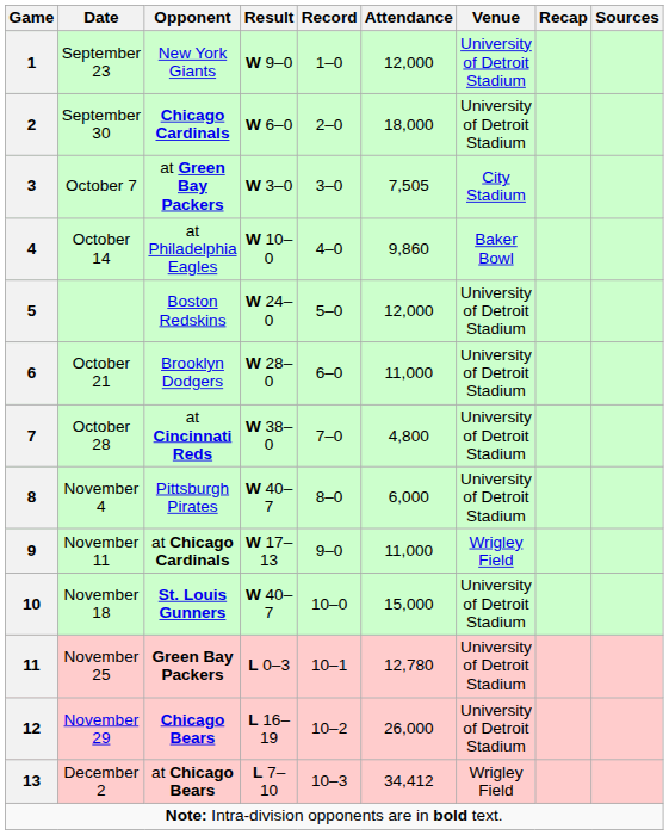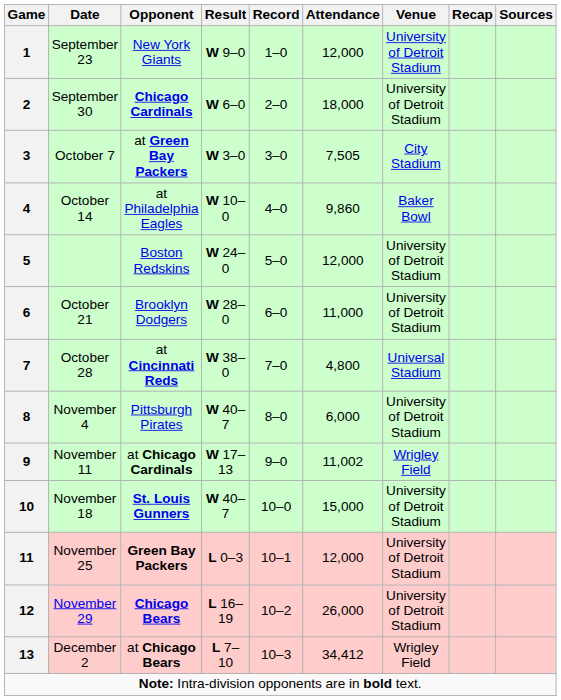 <table class="wikitable" style="text-align:center">
 <tr>
 <th>Game</th>
 <th>Date</th>
 <th>Opponent</th>
 <th>Result</th>
 <th>Record</th>
 <th>Attendance</th>
 <th>Venue</th>
 <th>Recap</th>
 <th>Sources</th>
 </tr>
 <tr style="background:#cfc">
 <th>1</th>
 <td>September 23</td>
 <td><a href='#'>New York Giants</a></td>
 <td><strong>W</strong> 9–0</td>
 <td>1–0</td>
 <td>12,000</td>
 <td><a href='#'>University of Detroit Stadium</a></td>
 <td></td>
 <td></td>
 </tr>
 <tr style="background:#cfc">
 <th>2</th>
 <td>September 30</td>
 <td><strong><a href='#'>Chicago Cardinals</a></strong></td>
 <td><strong>W</strong> 6–0</td>
 <td>2–0</td>
 <td>18,000</td>
 <td>University of Detroit Stadium</td>
 <td></td>
 <td></td>
 </tr>
 <tr style="background:#cfc">
 <th>3</th>
 <td>October 7</td>
 <td>at <strong><a href='#'>Green Bay Packers</a></strong></td>
 <td><strong>W</strong> 3–0</td>
 <td>3–0</td>
 <td>7,505</td>
 <td><a href='#'>City Stadium</a></td>
 <td></td>
 <td></td>
 </tr>
 <tr style="background:#cfc">
 <th>4</th>
 <td>October 14</td>
 <td>at <a href='#'>Philadelphia Eagles</a></td>
 <td><strong>W</strong> 10–0</td>
 <td>4–0</td>
 <td>9,860</td>
 <td><a href='#'>Baker Bowl</a></td>
 <td></td>
 <td></td>
 </tr>
 <tr style="background:#cfc">
 <th>5</th>
 <td></td>
 <td><a href='#'>Boston Redskins</a></td>
 <td><strong>W</strong> 24–0</td>
 <td>5–0</td>
 <td>12,000</td>
 <td>University of Detroit Stadium</td>
 <td></td>
 <td></td>
 </tr>
 <tr style="background:#cfc">
 <th>6</th>
 <td>October 21</td>
 <td><a href='#'>Brooklyn Dodgers</a></td>
 <td><strong>W</strong> 28–0</td>
 <td>6–0</td>
 <td>11,000</td>
 <td>University of Detroit Stadium</td>
 <td></td>
 <td></td>
 </tr>
 <tr style="background:#cfc">
 <th>7</th>
 <td>October 28</td>
 <td>at <strong><a href='#'>Cincinnati Reds</a></strong></td>
 <td><strong>W</strong> 38–0</td>
 <td>7–0</td>
 <td>4,800</td>
-<td>University of Detroit Stadium</td>
+<td><a href='#'>Universal Stadium</a></td>
 <td></td>
 <td></td>
 </tr>
 <tr style="background:#cfc">
 <th>8</th>
 <td>November 4</td>
 <td><a href='#'>Pittsburgh Pirates</a></td>
 <td><strong>W</strong> 40–7</td>
 <td>8–0</td>
 <td>6,000</td>
 <td>University of Detroit Stadium</td>
 <td></td>
 <td></td>
 </tr>
 <tr style="background:#cfc">
 <th>9</th>
 <td>November 11</td>
 <td>at <strong>Chicago Cardinals</strong></td>
 <td><strong>W</strong> 17–13</td>
 <td>9–0</td>
-<td>11,000</td>
+<td>11,002</td>
 <td><a href='#'>Wrigley Field</a></td>
 <td></td>
 <td></td>
 </tr>
 <tr style="background:#cfc">
 <th>10</th>
 <td>November 18</td>
 <td><strong><a href='#'>St. Louis Gunners</a></strong></td>
 <td><strong>W</strong> 40–7</td>
 <td>10–0</td>
 <td>15,000</td>
 <td>University of Detroit Stadium</td>
 <td></td>
 <td></td>
 </tr>
 <tr style="background:#fcc">
 <th>11</th>
 <td>November 25</td>
 <td><strong>Green Bay Packers</strong></td>
 <td><strong>L</strong> 0–3</td>
 <td>10–1</td>
-<td>12,780</td>
+<td>12,000</td>
 <td>University of Detroit Stadium</td>
 <td></td>
 <td></td>
 </tr>
 <tr style="background:#fcc">
 <th>12</th>
 <td><a href='#'>November 29</a></td>
 <td><strong><a href='#'>Chicago Bears</a></strong></td>
 <td><strong>L</strong> 16–19</td>
 <td>10–2</td>
 <td>26,000</td>
 <td>University of Detroit Stadium</td>
 <td></td>
 <td></td>
 </tr>
 <tr style="background:#fcc">
 <th>13</th>
 <td>December 2</td>
 <td>at <strong>Chicago Bears</strong></td>
 <td><strong>L</strong> 7–10</td>
 <td>10–3</td>
 <td>34,412</td>
 <td>Wrigley Field</td>
 <td></td>
 <td></td>
 </tr>
 <tr>
 <td colspan="10"><strong>Note:</strong> Intra-division opponents are in <strong>bold</strong> text.</td>
 </tr>
 </table>
